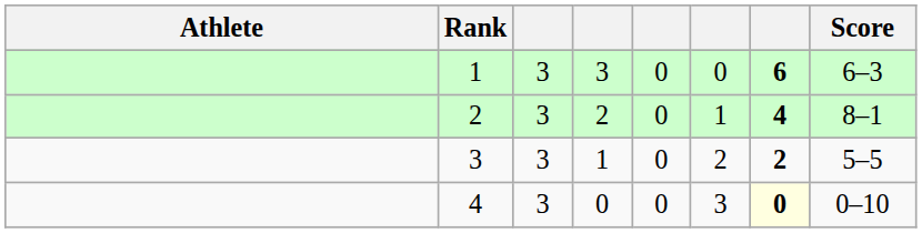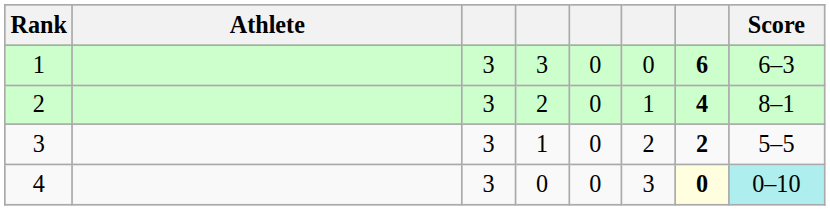 <table class="wikitable" style="text-align: center; font-size:90% ">
 <tr>
+<th width=25>Rank</th>
 <th width=225>Athlete</th>
-<th width=25>Rank</th>
 <th width=25></th>
 <th width=25></th>
 <th width=25></th>
 <th width=25></th>
 <th width=25></th>
 <th width=50>Score</th>
 </tr>
 <tr bgcolor="ccffcc">
+<td>1</td>
 <td align=left></td>
-<td>1</td>
 <td>3</td>
 <td>3</td>
 <td>0</td>
 <td>0</td>
 <td><strong>6</strong></td>
 <td>6–3</td>
 </tr>
 <tr bgcolor="ccffcc">
+<td>2</td>
 <td align=left></td>
-<td>2</td>
 <td>3</td>
 <td>2</td>
 <td>0</td>
 <td>1</td>
 <td><strong>4</strong></td>
 <td>8–1</td>
 </tr>
 <tr>
+<td>3</td>
 <td align=left></td>
-<td>3</td>
 <td>3</td>
 <td>1</td>
 <td>0</td>
 <td>2</td>
 <td><strong>2</strong></td>
 <td>5–5</td>
 </tr>
 <tr>
+<td>4</td>
 <td align=left></td>
-<td>4</td>
 <td>3</td>
 <td>0</td>
 <td>0</td>
 <td>3</td>
 <td style="background: lightyellow;"><strong>0</strong></td>
-<td>0–10</td>
+<td style="background: paleturquoise;">0–10</td>
 </tr>
 </table>
